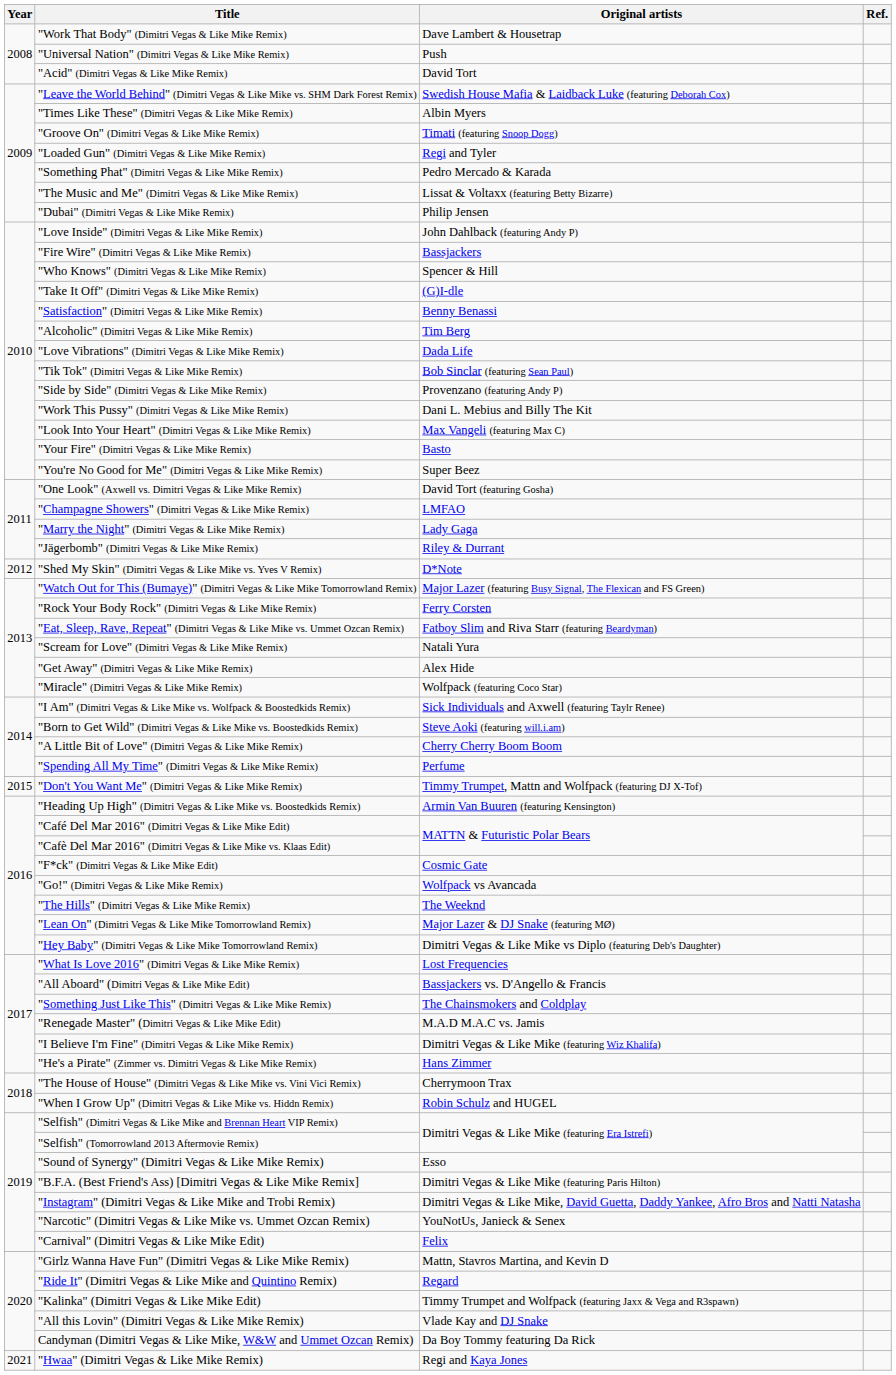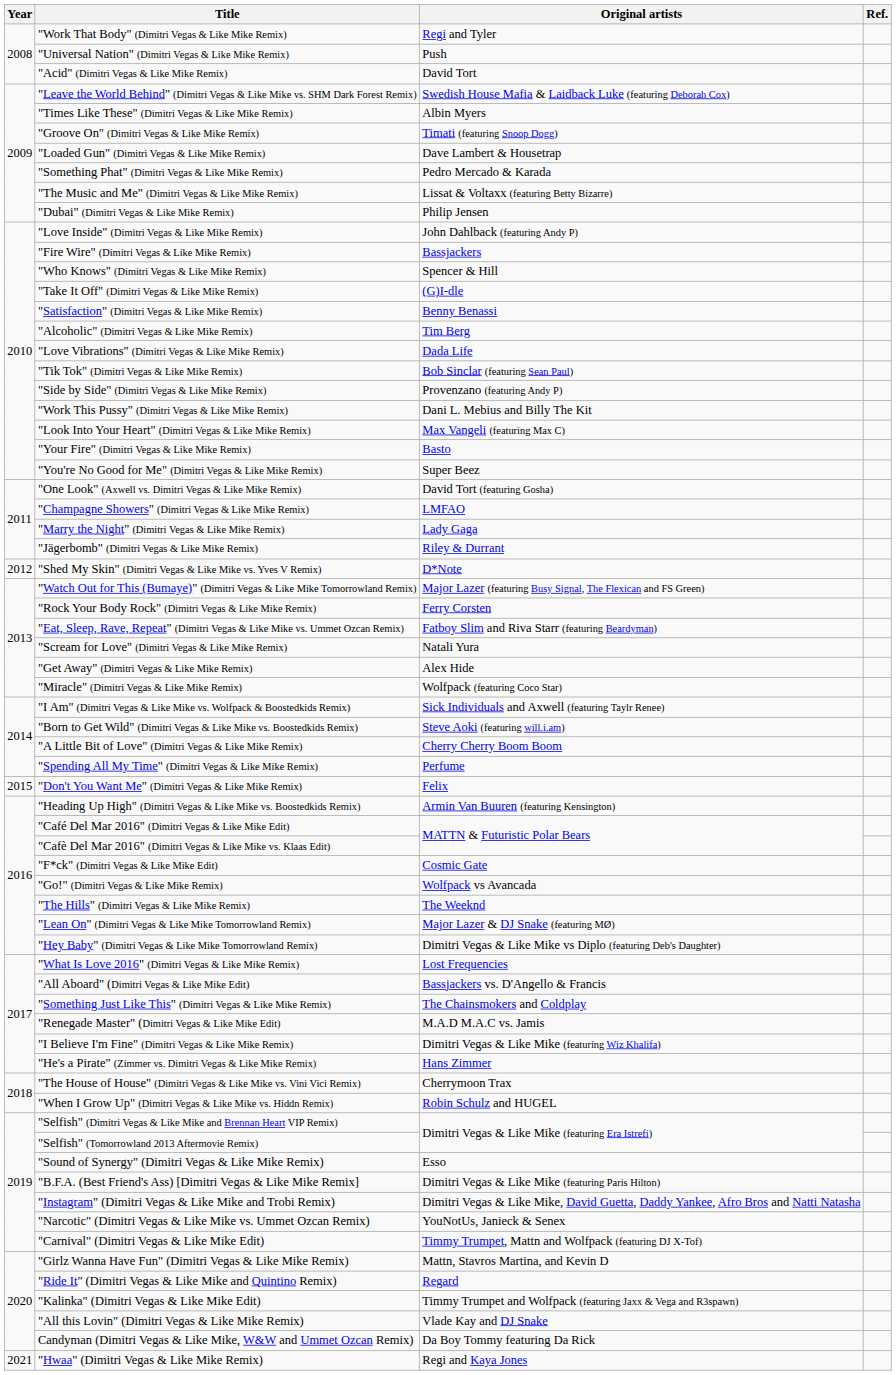 <table class="wikitable plainrowheaders">
 <tr>
 <th>Year</th>
 <th>Title</th>
 <th>Original artists</th>
 <th>Ref.</th>
 </tr>
 <tr>
 <td rowspan="3">2008</td>
 <td>"Work That Body" <small>(Dimitri Vegas & Like Mike Remix)</small></td>
-<td>Dave Lambert & Housetrap</td>
+<td><a href='#'>Regi</a> and Tyler</td>
 <td></td>
 </tr>
 <tr>
 <td>"Universal Nation" <small>(Dimitri Vegas & Like Mike Remix)</small></td>
 <td>Push</td>
 <td></td>
 </tr>
 <tr>
 <td>"Acid" <small>(Dimitri Vegas & Like Mike Remix)</small></td>
 <td>David Tort</td>
 <td></td>
 </tr>
 <tr>
 <td rowspan="7">2009</td>
 <td>"<a href='#'>Leave the World Behind</a>" <small>(Dimitri Vegas & Like Mike vs. SHM Dark Forest Remix)</small></td>
 <td><a href='#'>Swedish House Mafia</a> & <a href='#'>Laidback Luke</a> <small>(featuring <a href='#'>Deborah Cox</a>)</small></td>
 <td></td>
 </tr>
 <tr>
 <td>"Times Like These" <small>(Dimitri Vegas & Like Mike Remix)</small></td>
 <td>Albin Myers</td>
 <td></td>
 </tr>
 <tr>
 <td>"Groove On" <small>(Dimitri Vegas & Like Mike Remix)</small></td>
 <td><a href='#'>Timati</a> <small>(featuring <a href='#'>Snoop Dogg</a>)</small></td>
 <td></td>
 </tr>
 <tr>
 <td>"Loaded Gun" <small>(Dimitri Vegas & Like Mike Remix)</small></td>
-<td><a href='#'>Regi</a> and Tyler</td>
+<td>Dave Lambert & Housetrap</td>
 <td></td>
 </tr>
 <tr>
 <td>"Something Phat" <small>(Dimitri Vegas & Like Mike Remix)</small></td>
 <td>Pedro Mercado & Karada</td>
 <td></td>
 </tr>
 <tr>
 <td>"The Music and Me" <small>(Dimitri Vegas & Like Mike Remix)</small></td>
 <td>Lissat & Voltaxx <small>(featuring Betty Bizarre)</small></td>
 <td></td>
 </tr>
 <tr>
 <td>"Dubai" <small>(Dimitri Vegas & Like Mike Remix)</small></td>
 <td>Philip Jensen</td>
 <td></td>
 </tr>
 <tr>
 <td rowspan="13">2010</td>
 <td>"Love Inside" <small>(Dimitri Vegas & Like Mike Remix)</small></td>
 <td>John Dahlback <small>(featuring Andy P)</small></td>
 <td></td>
 </tr>
 <tr>
 <td>"Fire Wire" <small>(Dimitri Vegas & Like Mike Remix)</small></td>
 <td><a href='#'>Bassjackers</a></td>
 <td></td>
 </tr>
 <tr>
 <td>"Who Knows" <small>(Dimitri Vegas & Like Mike Remix)</small></td>
 <td>Spencer & Hill</td>
 <td></td>
 </tr>
 <tr>
 <td>"Take It Off" <small>(Dimitri Vegas & Like Mike Remix)</small></td>
 <td><a href='#'>(G)I-dle</a></td>
 <td></td>
 </tr>
 <tr>
 <td>"<a href='#'>Satisfaction</a>" <small>(Dimitri Vegas & Like Mike Remix)</small></td>
 <td><a href='#'>Benny Benassi</a></td>
 <td></td>
 </tr>
 <tr>
 <td>"Alcoholic" <small>(Dimitri Vegas & Like Mike Remix)</small></td>
 <td><a href='#'>Tim Berg</a></td>
 <td></td>
 </tr>
 <tr>
 <td>"Love Vibrations" <small>(Dimitri Vegas & Like Mike Remix)</small></td>
 <td><a href='#'>Dada Life</a></td>
 <td></td>
 </tr>
 <tr>
 <td>"Tik Tok" <small>(Dimitri Vegas & Like Mike Remix)</small></td>
 <td><a href='#'>Bob Sinclar</a> <small>(featuring <a href='#'>Sean Paul</a>)</small></td>
 <td></td>
 </tr>
 <tr>
 <td>"Side by Side" <small>(Dimitri Vegas & Like Mike Remix)</small></td>
 <td>Provenzano <small>(featuring Andy P)</small></td>
 <td></td>
 </tr>
 <tr>
 <td>"Work This Pussy" <small>(Dimitri Vegas & Like Mike Remix)</small></td>
 <td>Dani L. Mebius and Billy The Kit</td>
 <td></td>
 </tr>
 <tr>
 <td>"Look Into Your Heart" <small>(Dimitri Vegas & Like Mike Remix)</small></td>
 <td><a href='#'>Max Vangeli</a> <small>(featuring Max C)</small></td>
 <td></td>
 </tr>
 <tr>
 <td>"Your Fire" <small>(Dimitri Vegas & Like Mike Remix)</small></td>
 <td><a href='#'>Basto</a></td>
 <td></td>
 </tr>
 <tr>
 <td>"You're No Good for Me" <small>(Dimitri Vegas & Like Mike Remix)</small></td>
 <td>Super Beez</td>
 <td></td>
 </tr>
 <tr>
 <td rowspan="4">2011</td>
 <td>"One Look" <small>(Axwell vs. Dimitri Vegas & Like Mike Remix)</small></td>
 <td>David Tort <small>(featuring Gosha)</small></td>
 <td></td>
 </tr>
 <tr>
 <td>"<a href='#'>Champagne Showers</a>" <small>(Dimitri Vegas & Like Mike Remix)</small></td>
 <td><a href='#'>LMFAO</a></td>
 <td></td>
 </tr>
 <tr>
 <td>"<a href='#'>Marry the Night</a>" <small>(Dimitri Vegas & Like Mike Remix)</small></td>
 <td><a href='#'>Lady Gaga</a></td>
 <td></td>
 </tr>
 <tr>
 <td>"Jägerbomb" <small>(Dimitri Vegas & Like Mike Remix)</small></td>
 <td><a href='#'>Riley & Durrant</a></td>
 <td></td>
 </tr>
 <tr>
 <td>2012</td>
 <td>"Shed My Skin" <small>(Dimitri Vegas & Like Mike vs. Yves V Remix)</small></td>
 <td><a href='#'>D*Note</a></td>
 <td></td>
 </tr>
 <tr>
 <td rowspan="6">2013</td>
 <td>"<a href='#'>Watch Out for This (Bumaye)</a>" <small>(Dimitri Vegas & Like Mike Tomorrowland Remix)</small></td>
 <td><a href='#'>Major Lazer</a> <small>(featuring <a href='#'>Busy Signal</a>, <a href='#'>The Flexican</a> and FS Green)</small></td>
 <td></td>
 </tr>
 <tr>
 <td>"Rock Your Body Rock" <small>(Dimitri Vegas & Like Mike Remix)</small></td>
 <td><a href='#'>Ferry Corsten</a></td>
 <td></td>
 </tr>
 <tr>
 <td>"<a href='#'>Eat, Sleep, Rave, Repeat</a>" <small>(Dimitri Vegas & Like Mike vs. Ummet Ozcan Remix)</small></td>
 <td><a href='#'>Fatboy Slim</a> and Riva Starr <small>(featuring <a href='#'>Beardyman</a>)</small></td>
 <td></td>
 </tr>
 <tr>
 <td>"Scream for Love" <small>(Dimitri Vegas & Like Mike Remix)</small></td>
 <td>Natali Yura</td>
 <td></td>
 </tr>
 <tr>
 <td>"Get Away" <small>(Dimitri Vegas & Like Mike Remix)</small></td>
 <td>Alex Hide</td>
 <td></td>
 </tr>
 <tr>
 <td>"Miracle" <small>(Dimitri Vegas & Like Mike Remix)</small></td>
 <td>Wolfpack <small>(featuring Coco Star)</small></td>
 <td></td>
 </tr>
 <tr>
 <td rowspan="4">2014</td>
 <td>"I Am" <small>(Dimitri Vegas & Like Mike vs. Wolfpack & Boostedkids Remix)</small></td>
 <td><a href='#'>Sick Individuals</a> and Axwell <small>(featuring Taylr Renee)</small></td>
 <td></td>
 </tr>
 <tr>
 <td>"Born to Get Wild" <small>(Dimitri Vegas & Like Mike vs. Boostedkids Remix)</small></td>
 <td><a href='#'>Steve Aoki</a> <small>(featuring <a href='#'>will.i.am</a>)</small></td>
 <td></td>
 </tr>
 <tr>
 <td>"A Little Bit of Love" <small>(Dimitri Vegas & Like Mike Remix)</small></td>
 <td><a href='#'>Cherry Cherry Boom Boom</a></td>
 <td></td>
 </tr>
 <tr>
 <td>"<a href='#'>Spending All My Time</a>" <small>(Dimitri Vegas & Like Mike Remix)</small></td>
 <td><a href='#'>Perfume</a></td>
 <td></td>
 </tr>
 <tr>
 <td>2015</td>
 <td>"<a href='#'>Don't You Want Me</a>" <small>(Dimitri Vegas & Like Mike Remix)</small></td>
-<td><a href='#'>Timmy Trumpet</a>, Mattn and Wolfpack <small>(featuring DJ X-Tof)</small></td>
+<td><a href='#'>Felix</a></td>
 <td></td>
 </tr>
 <tr>
 <td rowspan="8">2016</td>
 <td>"Heading Up High" <small>(Dimitri Vegas & Like Mike vs. Boostedkids Remix)</small></td>
 <td><a href='#'>Armin Van Buuren</a> <small>(featuring Kensington)</small></td>
 <td></td>
 </tr>
 <tr>
 <td>"Café Del Mar 2016" <small>(Dimitri Vegas & Like Mike Edit)</small></td>
 <td rowspan="2"><a href='#'>MATTN</a> & <a href='#'>Futuristic Polar Bears</a></td>
 <td></td>
 </tr>
 <tr>
 <td>"Cafè Del Mar 2016" <small>(Dimitri Vegas & Like Mike vs. Klaas Edit)</small></td>
 <td></td>
 </tr>
 <tr>
 <td>"F*ck" <small>(Dimitri Vegas & Like Mike Edit)</small></td>
 <td><a href='#'>Cosmic Gate</a></td>
 <td></td>
 </tr>
 <tr>
 <td>"Go!" <small>(Dimitri Vegas & Like Mike Remix)</small></td>
 <td><a href='#'>Wolfpack</a> vs Avancada</td>
 <td></td>
 </tr>
 <tr>
 <td>"<a href='#'>The Hills</a>" <small>(Dimitri Vegas & Like Mike Remix)</small></td>
 <td><a href='#'>The Weeknd</a></td>
 <td></td>
 </tr>
 <tr>
 <td>"<a href='#'>Lean On</a>" <small>(Dimitri Vegas & Like Mike Tomorrowland Remix)</small></td>
 <td><a href='#'>Major Lazer</a> & <a href='#'>DJ Snake</a> <small>(featuring MØ)</small></td>
 <td></td>
 </tr>
 <tr>
 <td>"<a href='#'>Hey Baby</a>" <small>(Dimitri Vegas & Like Mike Tomorrowland Remix)</small></td>
 <td>Dimitri Vegas & Like Mike vs Diplo <small>(featuring Deb's Daughter)</small></td>
 <td></td>
 </tr>
 <tr>
 <td rowspan="6">2017</td>
 <td>"<a href='#'>What Is Love 2016</a>" <small>(Dimitri Vegas & Like Mike Remix)</small></td>
 <td><a href='#'>Lost Frequencies</a></td>
 <td></td>
 </tr>
 <tr>
 <td>"All Aboard" (<small>Dimitri Vegas & Like Mike Edit)</small></td>
 <td><a href='#'>Bassjackers</a> vs. D'Angello & Francis</td>
 <td></td>
 </tr>
 <tr>
 <td>"<a href='#'>Something Just Like This</a>" <small>(Dimitri Vegas & Like Mike Remix)</small></td>
 <td><a href='#'>The Chainsmokers</a> and <a href='#'>Coldplay</a></td>
 <td></td>
 </tr>
 <tr>
 <td>"Renegade Master" (<small>Dimitri Vegas & Like Mike Edit)</small></td>
 <td>M.A.D M.A.C vs. Jamis</td>
 <td></td>
 </tr>
 <tr>
 <td>"I Believe I'm Fine" <small>(Dimitri Vegas & Like Mike Remix)</small></td>
 <td>Dimitri Vegas & Like Mike <small>(featuring <a href='#'>Wiz Khalifa</a>)</small></td>
 <td></td>
 </tr>
 <tr>
 <td>"He's a Pirate" <small>(Zimmer vs. Dimitri Vegas & Like Mike Remix)</small></td>
 <td><a href='#'>Hans Zimmer</a></td>
 <td></td>
 </tr>
 <tr>
 <td rowspan="2">2018</td>
 <td>"The House of House" <small>(Dimitri Vegas & Like Mike vs. Vini Vici Remix)</small></td>
 <td>Cherrymoon Trax</td>
 <td></td>
 </tr>
 <tr>
 <td>"When I Grow Up" <small>(Dimitri Vegas & Like Mike vs. Hiddn Remix)</small></td>
 <td><a href='#'>Robin Schulz</a> and HUGEL</td>
 <td></td>
 </tr>
 <tr>
 <td rowspan="7”">2019</td>
 <td>"Selfish" <small>(Dimitri Vegas & Like Mike and <a href='#'>Brennan Heart</a> VIP Remix)</small></td>
 <td rowspan="2">Dimitri Vegas & Like Mike <small>(featuring <a href='#'>Era Istrefi</a>)</small></td>
 <td></td>
 </tr>
 <tr>
 <td>"Selfish" <small>(Tomorrowland 2013 Aftermovie Remix)</small></td>
 <td></td>
 </tr>
 <tr>
 <td>"Sound of Synergy" (Dimitri Vegas & Like Mike Remix)</td>
 <td>Esso</td>
 <td></td>
 </tr>
 <tr>
 <td>"B.F.A. (Best Friend's Ass) [Dimitri Vegas & Like Mike Remix]</td>
 <td>Dimitri Vegas & Like Mike <small>(featuring Paris Hilton)</small></td>
 <td></td>
 </tr>
 <tr>
 <td>"<a href='#'>Instagram</a>" (Dimitri Vegas & Like Mike and Trobi Remix)</td>
 <td>Dimitri Vegas & Like Mike, <a href='#'>David Guetta</a>, <a href='#'>Daddy Yankee</a>, <a href='#'>Afro Bros</a> and <a href='#'>Natti Natasha</a></td>
 <td></td>
 </tr>
 <tr>
 <td>"Narcotic" (Dimitri Vegas & Like Mike vs. Ummet Ozcan Remix)</td>
 <td>YouNotUs, Janieck & Senex</td>
 <td></td>
 </tr>
 <tr>
 <td>"Carnival" (Dimitri Vegas & Like Mike Edit)</td>
-<td><a href='#'>Felix</a></td>
+<td><a href='#'>Timmy Trumpet</a>, Mattn and Wolfpack <small>(featuring DJ X-Tof)</small></td>
 <td></td>
 </tr>
 <tr>
 <td rowspan="5">2020</td>
 <td>"Girlz Wanna Have Fun" (Dimitri Vegas & Like Mike Remix)</td>
 <td>Mattn, Stavros Martina, and Kevin D</td>
 <td></td>
 </tr>
 <tr>
 <td>"<a href='#'>Ride It</a>" (Dimitri Vegas & Like Mike and <a href='#'>Quintino</a> Remix)</td>
 <td><a href='#'>Regard</a></td>
 <td></td>
 </tr>
 <tr>
 <td>"Kalinka" (Dimitri Vegas & Like Mike Edit)</td>
 <td>Timmy Trumpet and Wolfpack <small>(featuring Jaxx & Vega and R3spawn)</small></td>
 <td></td>
 </tr>
 <tr>
 <td>"All this Lovin" (Dimitri Vegas & Like Mike Remix)</td>
 <td>Vlade Kay and <a href='#'>DJ Snake</a></td>
 <td></td>
 </tr>
 <tr>
 <td>Candyman (Dimitri Vegas & Like Mike, <a href='#'>W&W</a> and <a href='#'>Ummet Ozcan</a> Remix)</td>
 <td>Da Boy Tommy featuring Da Rick</td>
 <td></td>
 </tr>
 <tr>
 <td>2021</td>
 <td>"<a href='#'>Hwaa</a>" (Dimitri Vegas & Like Mike Remix)</td>
 <td>Regi and <a href='#'>Kaya Jones</a></td>
 <td></td>
 </tr>
 </table>
